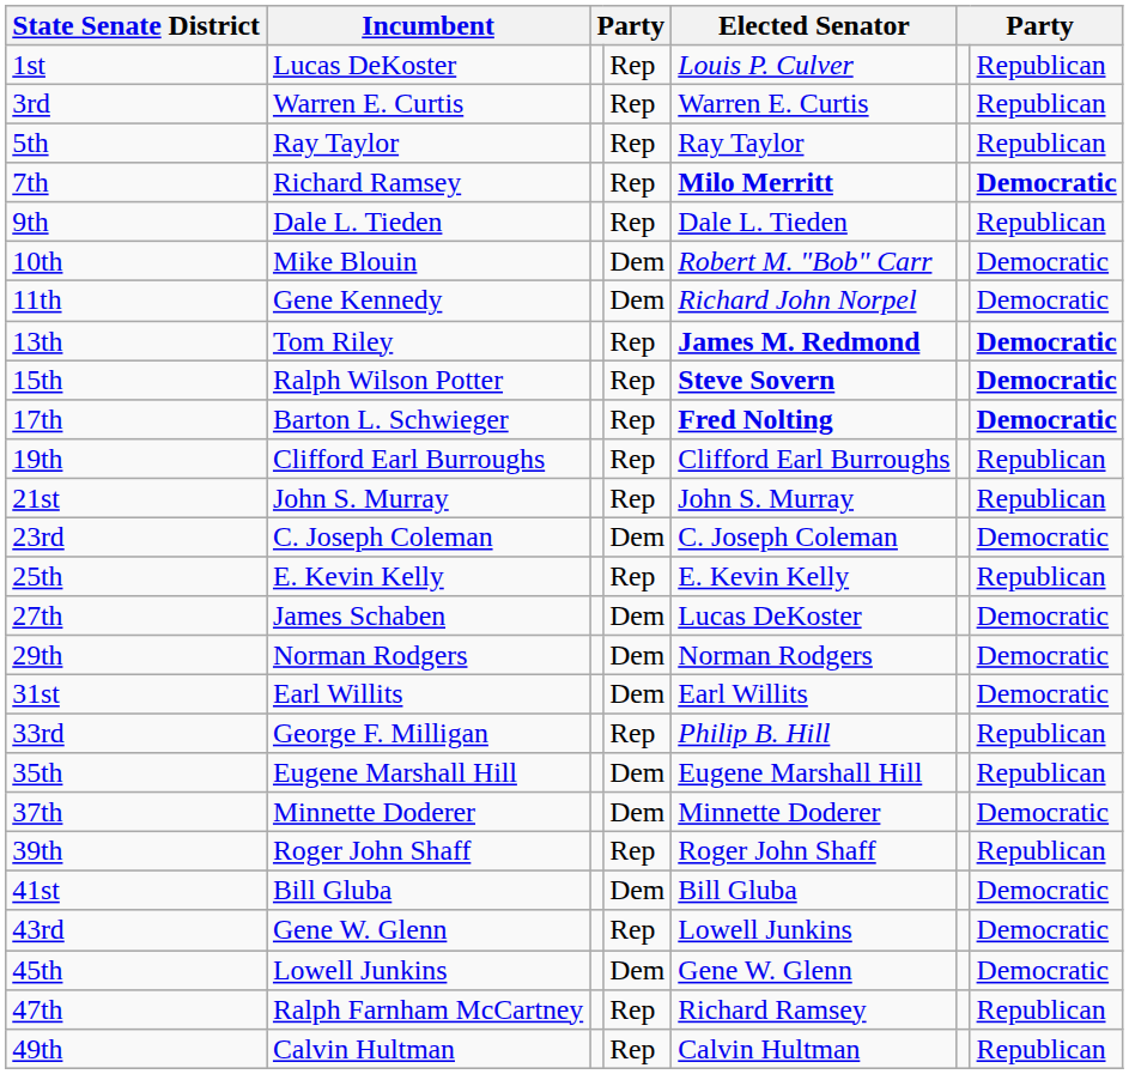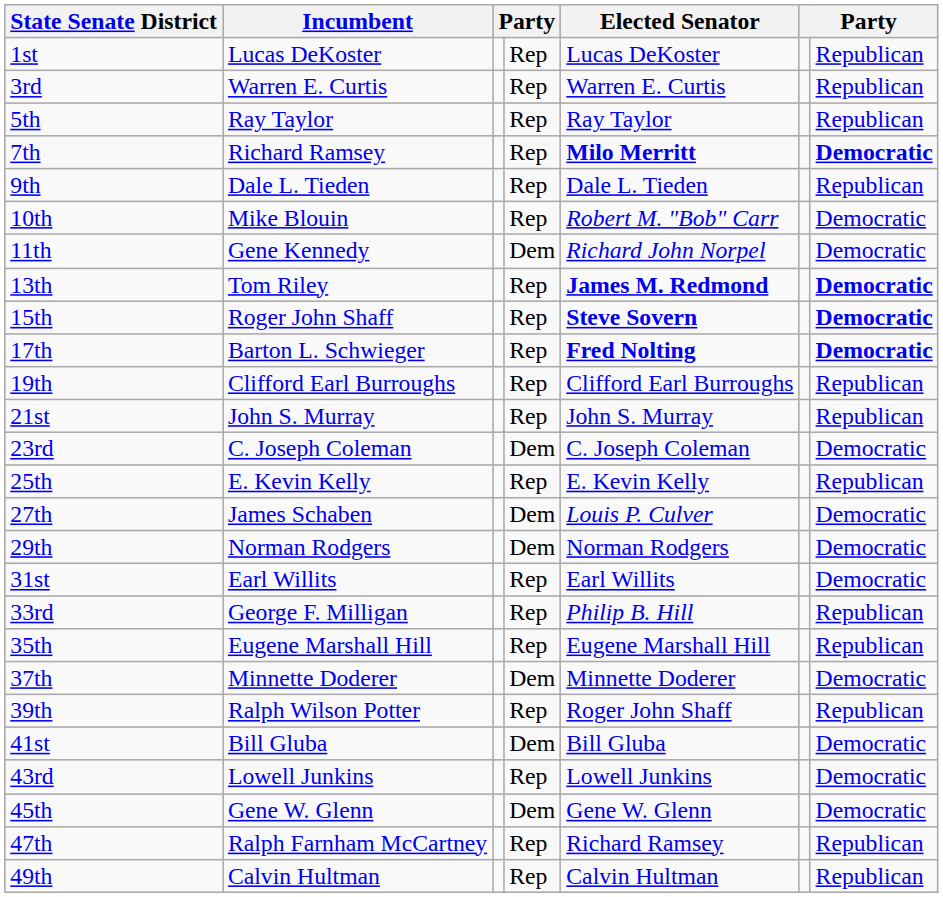 <table class="sortable wikitable" style="font-size:95%;line-height:14px;">
 <tr>
 <th class="unsortable"><a href='#'>State Senate</a> District</th>
 <th class="unsortable"><a href='#'>Incumbent</a></th>
 <th colspan="2">Party</th>
 <th class="unsortable">Elected Senator</th>
 <th colspan="2">Party</th>
 </tr>
 <tr>
 <td><a href='#'>1st</a></td>
 <td><a href='#'>Lucas DeKoster</a></td>
 <td style="background:"></td>
 <td>Rep</td>
-<td><em><a href='#'>Louis P. Culver</a></em></td>
+<td><a href='#'>Lucas DeKoster</a></td>
 <td style="background:"></td>
 <td><a href='#'>Republican</a></td>
 </tr>
 <tr>
 <td><a href='#'>3rd</a></td>
 <td><a href='#'>Warren E. Curtis</a></td>
 <td style="background:"></td>
 <td>Rep</td>
 <td><a href='#'>Warren E. Curtis</a></td>
 <td style="background:"></td>
 <td><a href='#'>Republican</a></td>
 </tr>
 <tr>
 <td><a href='#'>5th</a></td>
 <td><a href='#'>Ray Taylor</a></td>
 <td style="background:"></td>
 <td>Rep</td>
 <td><a href='#'>Ray Taylor</a></td>
 <td style="background:"></td>
 <td><a href='#'>Republican</a></td>
 </tr>
 <tr>
 <td><a href='#'>7th</a></td>
 <td><a href='#'>Richard Ramsey</a></td>
 <td style="background:"></td>
 <td>Rep</td>
 <td><strong><a href='#'>Milo Merritt</a></strong></td>
 <td style="background:"></td>
 <td><strong><a href='#'>Democratic</a></strong></td>
 </tr>
 <tr>
 <td><a href='#'>9th</a></td>
 <td><a href='#'>Dale L. Tieden</a></td>
 <td style="background:"></td>
 <td>Rep</td>
 <td><a href='#'>Dale L. Tieden</a></td>
 <td style="background:"></td>
 <td><a href='#'>Republican</a></td>
 </tr>
 <tr>
 <td><a href='#'>10th</a></td>
 <td><a href='#'>Mike Blouin</a></td>
 <td style="background:"></td>
-<td>Dem</td>
+<td>Rep</td>
 <td><em><a href='#'>Robert M. "Bob" Carr</a></em></td>
 <td style="background:"></td>
 <td><a href='#'>Democratic</a></td>
 </tr>
 <tr>
 <td><a href='#'>11th</a></td>
 <td><a href='#'>Gene Kennedy</a></td>
 <td style="background:"></td>
 <td>Dem</td>
 <td><em><a href='#'>Richard John Norpel</a></em></td>
 <td style="background:"></td>
 <td><a href='#'>Democratic</a></td>
 </tr>
 <tr>
 <td><a href='#'>13th</a></td>
 <td><a href='#'>Tom Riley</a></td>
 <td style="background:"></td>
 <td>Rep</td>
 <td><strong><a href='#'>James M. Redmond</a></strong></td>
 <td style="background:"></td>
 <td><strong><a href='#'>Democratic</a></strong></td>
 </tr>
 <tr>
 <td><a href='#'>15th</a></td>
-<td><a href='#'>Ralph Wilson Potter</a></td>
+<td><a href='#'>Roger John Shaff</a></td>
 <td style="background:"></td>
 <td>Rep</td>
 <td><strong><a href='#'>Steve Sovern</a></strong></td>
 <td style="background:"></td>
 <td><strong><a href='#'>Democratic</a></strong></td>
 </tr>
 <tr>
 <td><a href='#'>17th</a></td>
 <td><a href='#'>Barton L. Schwieger</a></td>
 <td style="background:"></td>
 <td>Rep</td>
 <td><strong><a href='#'>Fred Nolting</a></strong></td>
 <td style="background:"></td>
 <td><strong><a href='#'>Democratic</a></strong></td>
 </tr>
 <tr>
 <td><a href='#'>19th</a></td>
 <td><a href='#'>Clifford Earl Burroughs</a></td>
 <td style="background:"></td>
 <td>Rep</td>
 <td><a href='#'>Clifford Earl Burroughs</a></td>
 <td style="background:"></td>
 <td><a href='#'>Republican</a></td>
 </tr>
 <tr>
 <td><a href='#'>21st</a></td>
 <td><a href='#'>John S. Murray</a></td>
 <td style="background:"></td>
 <td>Rep</td>
 <td><a href='#'>John S. Murray</a></td>
 <td style="background:"></td>
 <td><a href='#'>Republican</a></td>
 </tr>
 <tr>
 <td><a href='#'>23rd</a></td>
 <td><a href='#'>C. Joseph Coleman</a></td>
 <td style="background:"></td>
 <td>Dem</td>
 <td><a href='#'>C. Joseph Coleman</a></td>
 <td style="background:"></td>
 <td><a href='#'>Democratic</a></td>
 </tr>
 <tr>
 <td><a href='#'>25th</a></td>
 <td><a href='#'>E. Kevin Kelly</a></td>
 <td style="background:"></td>
 <td>Rep</td>
 <td><a href='#'>E. Kevin Kelly</a></td>
 <td style="background:"></td>
 <td><a href='#'>Republican</a></td>
 </tr>
 <tr>
 <td><a href='#'>27th</a></td>
 <td><a href='#'>James Schaben</a></td>
 <td style="background:"></td>
 <td>Dem</td>
-<td><a href='#'>Lucas DeKoster</a></td>
+<td><em><a href='#'>Louis P. Culver</a></em></td>
 <td style="background:"></td>
 <td><a href='#'>Democratic</a></td>
 </tr>
 <tr>
 <td><a href='#'>29th</a></td>
 <td><a href='#'>Norman Rodgers</a></td>
 <td style="background:"></td>
 <td>Dem</td>
 <td><a href='#'>Norman Rodgers</a></td>
 <td style="background:"></td>
 <td><a href='#'>Democratic</a></td>
 </tr>
 <tr>
 <td><a href='#'>31st</a></td>
 <td><a href='#'>Earl Willits</a></td>
 <td style="background:"></td>
-<td>Dem</td>
+<td>Rep</td>
 <td><a href='#'>Earl Willits</a></td>
 <td style="background:"></td>
 <td><a href='#'>Democratic</a></td>
 </tr>
 <tr>
 <td><a href='#'>33rd</a></td>
 <td><a href='#'>George F. Milligan</a></td>
 <td style="background:"></td>
 <td>Rep</td>
 <td><em><a href='#'>Philip B. Hill</a></em></td>
 <td style="background:"></td>
 <td><a href='#'>Republican</a></td>
 </tr>
 <tr>
 <td><a href='#'>35th</a></td>
 <td><a href='#'>Eugene Marshall Hill</a></td>
 <td style="background:"></td>
-<td>Dem</td>
+<td>Rep</td>
 <td><a href='#'>Eugene Marshall Hill</a></td>
 <td style="background:"></td>
 <td><a href='#'>Republican</a></td>
 </tr>
 <tr>
 <td><a href='#'>37th</a></td>
 <td><a href='#'>Minnette Doderer</a></td>
 <td style="background:"></td>
 <td>Dem</td>
 <td><a href='#'>Minnette Doderer</a></td>
 <td style="background:"></td>
 <td><a href='#'>Democratic</a></td>
 </tr>
 <tr>
 <td><a href='#'>39th</a></td>
-<td><a href='#'>Roger John Shaff</a></td>
+<td><a href='#'>Ralph Wilson Potter</a></td>
 <td style="background:"></td>
 <td>Rep</td>
 <td><a href='#'>Roger John Shaff</a></td>
 <td style="background:"></td>
 <td><a href='#'>Republican</a></td>
 </tr>
 <tr>
 <td><a href='#'>41st</a></td>
 <td><a href='#'>Bill Gluba</a></td>
 <td style="background:"></td>
 <td>Dem</td>
 <td><a href='#'>Bill Gluba</a></td>
 <td style="background:"></td>
 <td><a href='#'>Democratic</a></td>
 </tr>
 <tr>
 <td><a href='#'>43rd</a></td>
-<td><a href='#'>Gene W. Glenn</a></td>
+<td><a href='#'>Lowell Junkins</a></td>
 <td style="background:"></td>
 <td>Rep</td>
 <td><a href='#'>Lowell Junkins</a></td>
 <td style="background:"></td>
 <td><a href='#'>Democratic</a></td>
 </tr>
 <tr>
 <td><a href='#'>45th</a></td>
-<td><a href='#'>Lowell Junkins</a></td>
+<td><a href='#'>Gene W. Glenn</a></td>
 <td style="background:"></td>
 <td>Dem</td>
 <td><a href='#'>Gene W. Glenn</a></td>
 <td style="background:"></td>
 <td><a href='#'>Democratic</a></td>
 </tr>
 <tr>
 <td><a href='#'>47th</a></td>
 <td><a href='#'>Ralph Farnham McCartney</a></td>
 <td style="background:"></td>
 <td>Rep</td>
 <td><a href='#'>Richard Ramsey</a></td>
 <td style="background:"></td>
 <td><a href='#'>Republican</a></td>
 </tr>
 <tr>
 <td><a href='#'>49th</a></td>
 <td><a href='#'>Calvin Hultman</a></td>
 <td style="background:"></td>
 <td>Rep</td>
 <td><a href='#'>Calvin Hultman</a></td>
 <td style="background:"></td>
 <td><a href='#'>Republican</a></td>
 </tr>
 <tr>
 </tr>
 </table>
